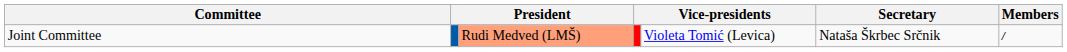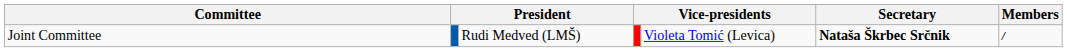 <table class="wikitable" style="line-height:16px;">
 <tr>
 <th style="width:500px;">Committee</th>
 <th colspan="2" style="width:200px;">President</th>
 <th colspan="2" style="width:200px;">Vice-presidents</th>
 <th style="width:200px;">Secretary</th>
 <th>Members</th>
 </tr>
 <tr>
 <td>Joint Committee</td>
 <td style="width:1px; background:#005bab"></td>
-<td style="background: lightsalmon;">Rudi Medved (LMŠ)</td>
+<td>Rudi Medved (LMŠ)</td>
 <td style="width:1px; background:red"></td>
 <td><a href='#'>Violeta Tomić</a> (Levica)</td>
-<td>Nataša Škrbec Srčnik</td>
+<td><strong>Nataša Škrbec Srčnik</strong></td>
 <td><strong><em><small>/</small></em></strong></td>
 </tr>
 </table>
